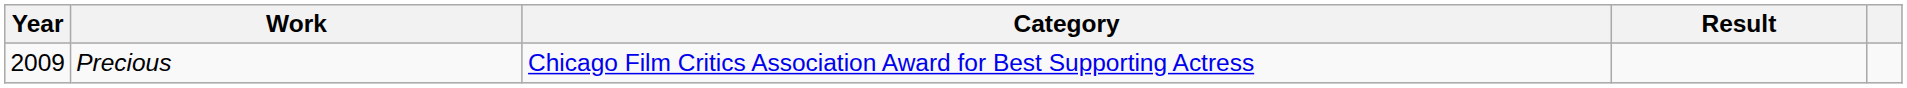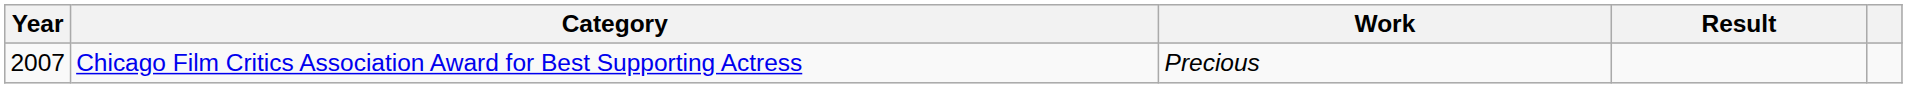 <table class="wikitable">
 <tr>
 <th scope="col" style="width:1em;">Year</th>
+<th scope="col" style="width:44em;">Category</th>
 <th scope="col" style="width:18em;">Work</th>
-<th scope="col" style="width:44em;">Category</th>
 <th scope="col" style="width:10em;">Result</th>
 <th class="unsortable" style="width:1em;"></th>
 </tr>
 <tr>
-<td>2009</td>
+<td>2007</td>
+<td><a href='#'>Chicago Film Critics Association Award for Best Supporting Actress</a></td>
 <td><em>Precious</em></td>
-<td><a href='#'>Chicago Film Critics Association Award for Best Supporting Actress</a></td>
 <td></td>
 <td></td>
 </tr>
 </table>
